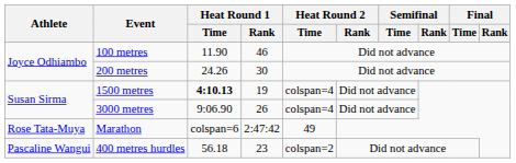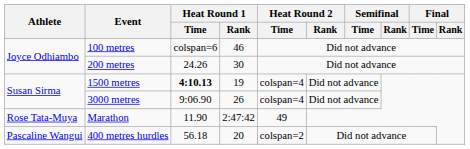 <table class=wikitable style="font-size:90%; text-align:center">
 <tr>
 <th rowspan=2>Athlete</th>
 <th rowspan=2>Event</th>
 <th colspan=2>Heat Round 1</th>
 <th colspan=2>Heat Round 2</th>
 <th colspan=2>Semifinal</th>
 <th colspan=2>Final</th>
 </tr>
 <tr style=font-size:95%>
 <th>Time</th>
 <th>Rank</th>
 <th>Time</th>
 <th>Rank</th>
 <th>Time</th>
 <th>Rank</th>
 <th>Time</th>
 <th>Rank</th>
 </tr>
 <tr align=center>
 <td align=left rowspan=2><a href='#'>Joyce Odhiambo</a></td>
 <td align=left><a href='#'>100 metres</a></td>
-<td>11.90</td>
+<td>colspan=6</td>
 <td>46</td>
 <td colspan=6>Did not advance</td>
 </tr>
 <tr align=center>
 <td align=left><a href='#'>200 metres</a></td>
 <td>24.26</td>
 <td>30</td>
 <td colspan=6>Did not advance</td>
 </tr>
 <tr align=center>
 <td align=left rowspan=2><a href='#'>Susan Sirma</a></td>
 <td align=left><a href='#'>1500 metres</a></td>
 <td><strong>4:10.13</strong></td>
 <td>19</td>
 <td>colspan=4</td>
 <td colspan=2>Did not advance</td>
 </tr>
 <tr align=center>
 <td align=left><a href='#'>3000 metres</a></td>
 <td>9:06.90</td>
 <td>26</td>
 <td>colspan=4</td>
 <td colspan=2>Did not advance</td>
 </tr>
 <tr align=center>
 <td align=left><a href='#'>Rose Tata-Muya</a></td>
 <td align=left><a href='#'>Marathon</a></td>
-<td>colspan=6</td>
+<td>11.90</td>
 <td>2:47:42</td>
 <td>49</td>
 </tr>
 <tr align=center>
 <td align=left><a href='#'>Pascaline Wangui</a></td>
 <td align=left><a href='#'>400 metres hurdles</a></td>
 <td>56.18</td>
-<td>23</td>
+<td>20</td>
 <td>colspan=2</td>
 <td colspan=4>Did not advance</td>
 </tr>
 </table>
